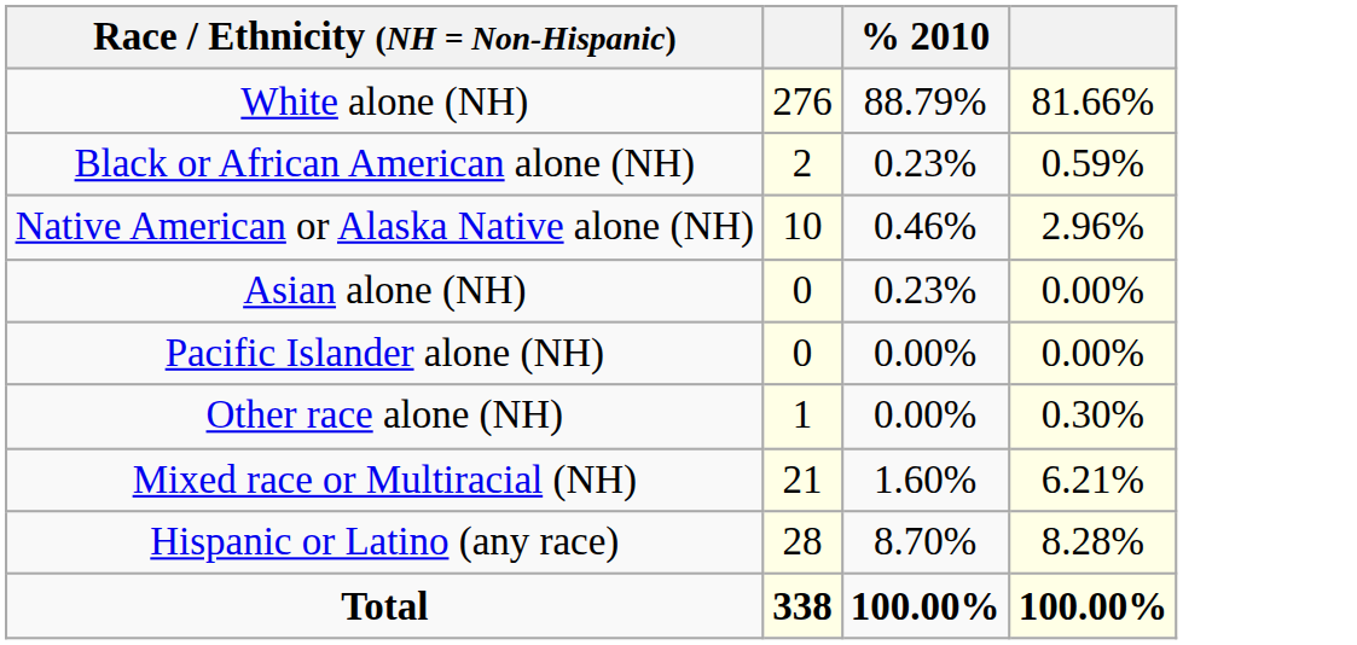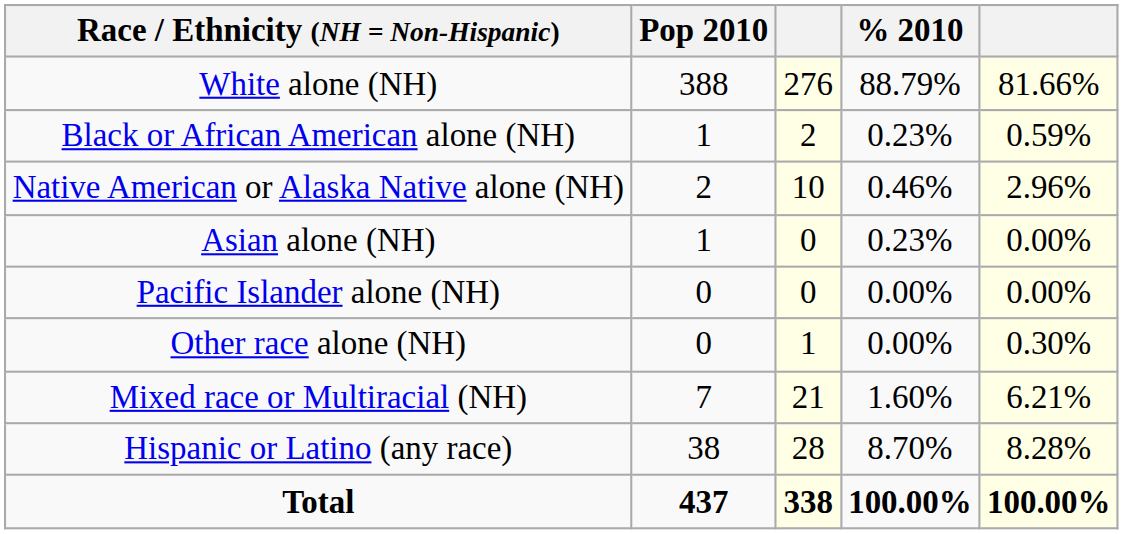 <table class="wikitable" style="text-align:center;">
 <tr>
 <th>Race / Ethnicity <small>(<em>NH = Non-Hispanic</em>)</small></th>
+<th>Pop 2010</th>
 <th></th>
 <th>% 2010</th>
 <th></th>
 </tr>
 <tr>
 <td><a href='#'>White</a> alone (NH)</td>
+<td>388</td>
 <td style='background: #ffffe6;'>276</td>
 <td>88.79%</td>
 <td style='background: #ffffe6;'>81.66%</td>
 </tr>
 <tr>
 <td><a href='#'>Black or African American</a> alone (NH)</td>
+<td>1</td>
 <td style='background: #ffffe6;'>2</td>
 <td>0.23%</td>
 <td style='background: #ffffe6;'>0.59%</td>
 </tr>
 <tr>
 <td><a href='#'>Native American</a> or <a href='#'>Alaska Native</a> alone (NH)</td>
+<td>2</td>
 <td style='background: #ffffe6;'>10</td>
 <td>0.46%</td>
 <td style='background: #ffffe6;'>2.96%</td>
 </tr>
 <tr>
 <td><a href='#'>Asian</a> alone (NH)</td>
+<td>1</td>
 <td style='background: #ffffe6;'>0</td>
 <td>0.23%</td>
 <td style='background: #ffffe6;'>0.00%</td>
 </tr>
 <tr>
 <td><a href='#'>Pacific Islander</a> alone (NH)</td>
+<td>0</td>
 <td style='background: #ffffe6;'>0</td>
 <td>0.00%</td>
 <td style='background: #ffffe6;'>0.00%</td>
 </tr>
 <tr>
 <td><a href='#'>Other race</a> alone (NH)</td>
+<td>0</td>
 <td style='background: #ffffe6;'>1</td>
 <td>0.00%</td>
 <td style='background: #ffffe6;'>0.30%</td>
 </tr>
 <tr>
 <td><a href='#'>Mixed race or Multiracial</a> (NH)</td>
+<td>7</td>
 <td style='background: #ffffe6;'>21</td>
 <td>1.60%</td>
 <td style='background: #ffffe6;'>6.21%</td>
 </tr>
 <tr>
 <td><a href='#'>Hispanic or Latino</a> (any race)</td>
+<td>38</td>
 <td style='background: #ffffe6;'>28</td>
 <td>8.70%</td>
 <td style='background: #ffffe6;'>8.28%</td>
 </tr>
 <tr>
 <td><strong>Total</strong></td>
+<td><strong>437</strong></td>
 <td style='background: #ffffe6;'><strong>338</strong></td>
 <td><strong>100.00%</strong></td>
 <td style='background: #ffffe6;'><strong>100.00%</strong></td>
 </tr>
 </table>
